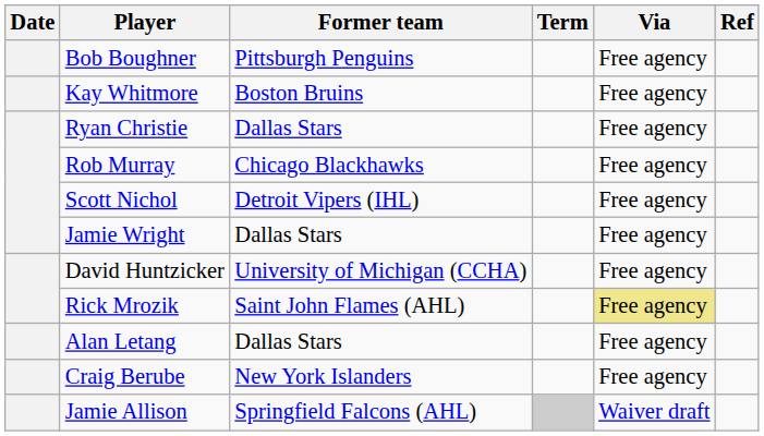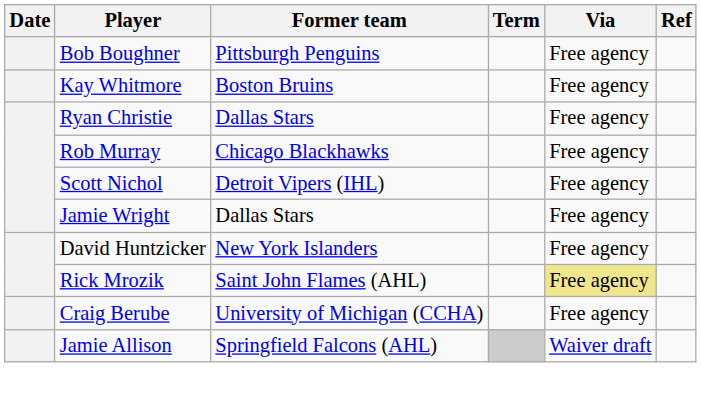 <table class="wikitable plainrowheaders">
 <tr style="background:#ddd; text-align:center;">
 <th>Date</th>
 <th>Player</th>
 <th>Former team</th>
 <th>Term</th>
 <th>Via</th>
 <th>Ref</th>
 </tr>
 <tr>
 <th scope="row"></th>
 <td><a href='#'>Bob Boughner</a></td>
 <td><a href='#'>Pittsburgh Penguins</a></td>
 <td></td>
 <td>Free agency</td>
 <td></td>
 </tr>
 <tr>
 <th scope="row"></th>
 <td><a href='#'>Kay Whitmore</a></td>
 <td><a href='#'>Boston Bruins</a></td>
 <td></td>
 <td>Free agency</td>
 <td></td>
 </tr>
 <tr>
 <th scope="row" rowspan=4></th>
 <td><a href='#'>Ryan Christie</a></td>
 <td><a href='#'>Dallas Stars</a></td>
 <td></td>
 <td>Free agency</td>
 <td></td>
 </tr>
 <tr>
 <td><a href='#'>Rob Murray</a></td>
 <td><a href='#'>Chicago Blackhawks</a></td>
 <td></td>
 <td>Free agency</td>
 <td></td>
 </tr>
 <tr>
 <td><a href='#'>Scott Nichol</a></td>
 <td><a href='#'>Detroit Vipers</a> (<a href='#'>IHL</a>)</td>
 <td></td>
 <td>Free agency</td>
 <td></td>
 </tr>
 <tr>
 <td><a href='#'>Jamie Wright</a></td>
 <td>Dallas Stars</td>
 <td></td>
 <td>Free agency</td>
 <td></td>
 </tr>
 <tr>
 <th scope="row" rowspan=2></th>
 <td>David Huntzicker</td>
-<td><a href='#'>University of Michigan</a> (<a href='#'>CCHA</a>)</td>
+<td><a href='#'>New York Islanders</a></td>
 <td></td>
 <td>Free agency</td>
 <td></td>
 </tr>
 <tr>
 <td><a href='#'>Rick Mrozik</a></td>
 <td><a href='#'>Saint John Flames</a> (AHL)</td>
 <td></td>
 <td style="background: khaki;">Free agency</td>
 <td></td>
 </tr>
 <tr>
 <th scope="row"></th>
-<td><a href='#'>Alan Letang</a></td>
-<td>Dallas Stars</td>
-<td></td>
-<td>Free agency</td>
-<td></td>
-</tr>
-<tr>
-<th scope="row"></th>
 <td><a href='#'>Craig Berube</a></td>
-<td><a href='#'>New York Islanders</a></td>
+<td><a href='#'>University of Michigan</a> (<a href='#'>CCHA</a>)</td>
 <td></td>
 <td>Free agency</td>
 <td></td>
 </tr>
 <tr>
 <th scope="row"></th>
 <td><a href='#'>Jamie Allison</a></td>
 <td><a href='#'>Springfield Falcons</a> (<a href='#'>AHL</a>)</td>
 <td style="background:#ccc"></td>
 <td><a href='#'>Waiver draft</a></td>
 <td></td>
 </tr>
 </table>
